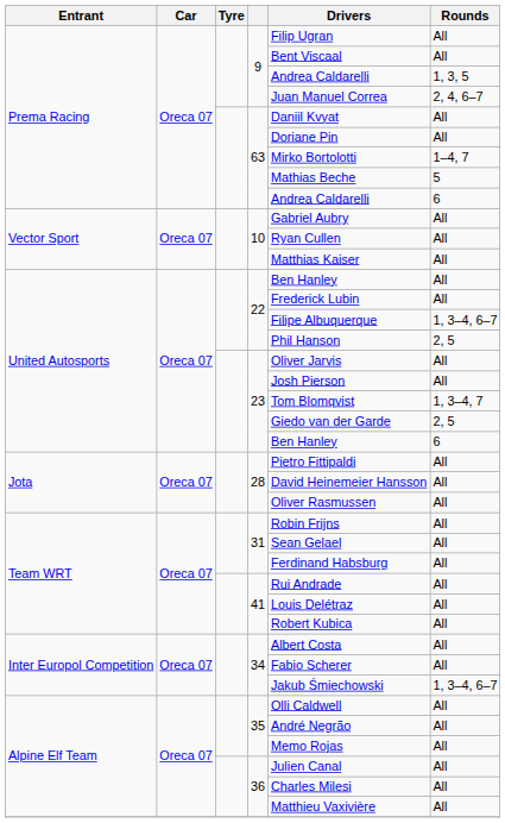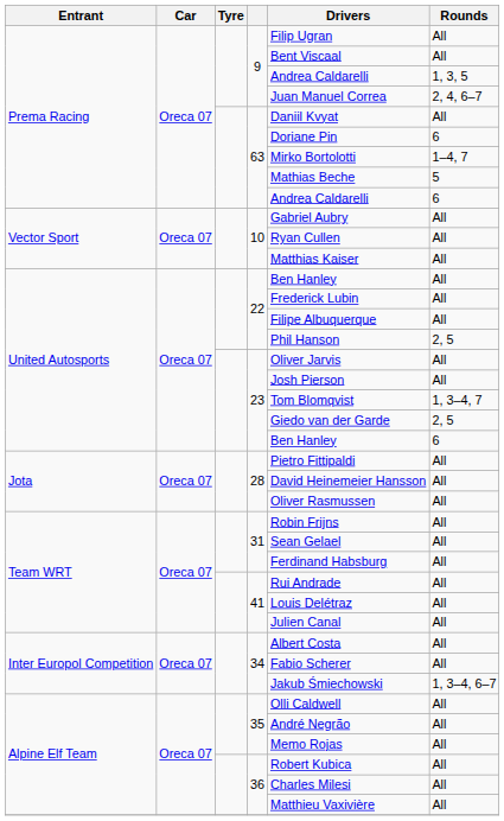 <table class="wikitable" style="font-size: 90%">
 <tr>
 <th>Entrant</th>
 <th>Car</th>
 <th>Tyre</th>
 <th></th>
 <th>Drivers</th>
 <th>Rounds</th>
 </tr>
 <tr>
 <td rowspan="9"> <a href='#'>Prema Racing</a></td>
 <td rowspan="9"><a href='#'>Oreca 07</a></td>
 <td rowspan="4" align="center"></td>
 <td rowspan="4" align="center">9</td>
 <td> <a href='#'>Filip Ugran</a></td>
 <td>All</td>
 </tr>
 <tr>
 <td> <a href='#'>Bent Viscaal</a></td>
 <td>All</td>
 </tr>
 <tr>
 <td> <a href='#'>Andrea Caldarelli</a></td>
 <td>1, 3, 5</td>
 </tr>
 <tr>
 <td> <a href='#'>Juan Manuel Correa</a></td>
 <td>2, 4, 6–7</td>
 </tr>
 <tr>
 <td rowspan="5" align="center"></td>
 <td rowspan="5" align="center">63</td>
 <td> <a href='#'>Daniil Kvyat</a></td>
 <td>All</td>
 </tr>
 <tr>
 <td> <a href='#'>Doriane Pin</a></td>
-<td>All</td>
+<td>6</td>
 </tr>
 <tr>
 <td> <a href='#'>Mirko Bortolotti</a></td>
 <td>1–4, 7</td>
 </tr>
 <tr>
 <td> <a href='#'>Mathias Beche</a></td>
 <td>5</td>
 </tr>
 <tr>
 <td> <a href='#'>Andrea Caldarelli</a></td>
 <td>6</td>
 </tr>
 <tr>
 <td rowspan="3"> <a href='#'>Vector Sport</a></td>
 <td rowspan="3"><a href='#'>Oreca 07</a></td>
 <td rowspan="3" align="center"></td>
 <td rowspan="3" align="center">10</td>
 <td> <a href='#'>Gabriel Aubry</a></td>
 <td>All</td>
 </tr>
 <tr>
 <td> <a href='#'>Ryan Cullen</a></td>
 <td>All</td>
 </tr>
 <tr>
 <td> <a href='#'>Matthias Kaiser</a></td>
 <td>All</td>
 </tr>
 <tr>
 <td rowspan="9"> <a href='#'>United Autosports</a></td>
 <td rowspan="9"><a href='#'>Oreca 07</a></td>
 <td rowspan="4" align="center"></td>
 <td rowspan="4" align="center">22</td>
 <td> <a href='#'>Ben Hanley</a></td>
 <td>All</td>
 </tr>
 <tr>
 <td> <a href='#'>Frederick Lubin</a></td>
 <td>All</td>
 </tr>
 <tr>
 <td> <a href='#'>Filipe Albuquerque</a></td>
-<td>1, 3–4, 6–7</td>
+<td>All</td>
 </tr>
 <tr>
 <td> <a href='#'>Phil Hanson</a></td>
 <td>2, 5</td>
 </tr>
 <tr>
 <td rowspan="5" align="center"></td>
 <td rowspan="5" align="center">23</td>
 <td> <a href='#'>Oliver Jarvis</a></td>
 <td>All</td>
 </tr>
 <tr>
 <td> <a href='#'>Josh Pierson</a></td>
 <td>All</td>
 </tr>
 <tr>
 <td> <a href='#'>Tom Blomqvist</a></td>
 <td>1, 3–4, 7</td>
 </tr>
 <tr>
 <td> <a href='#'>Giedo van der Garde</a></td>
 <td>2, 5</td>
 </tr>
 <tr>
 <td> <a href='#'>Ben Hanley</a></td>
 <td>6</td>
 </tr>
 <tr>
 <td rowspan="3"> <a href='#'>Jota</a></td>
 <td rowspan="3"><a href='#'>Oreca 07</a></td>
 <td rowspan="3" align="center"></td>
 <td rowspan="3" align="center">28</td>
 <td> <a href='#'>Pietro Fittipaldi</a></td>
 <td>All</td>
 </tr>
 <tr>
 <td> <a href='#'>David Heinemeier Hansson</a></td>
 <td>All</td>
 </tr>
 <tr>
 <td> <a href='#'>Oliver Rasmussen</a></td>
 <td>All</td>
 </tr>
 <tr>
 <td rowspan="6"> <a href='#'>Team WRT</a></td>
 <td rowspan="6"><a href='#'>Oreca 07</a></td>
 <td rowspan="3" align="center"></td>
 <td rowspan="3" align="center">31</td>
 <td> <a href='#'>Robin Frijns</a></td>
 <td>All</td>
 </tr>
 <tr>
 <td> <a href='#'>Sean Gelael</a></td>
 <td>All</td>
 </tr>
 <tr>
 <td> <a href='#'>Ferdinand Habsburg</a></td>
 <td>All</td>
 </tr>
 <tr>
 <td rowspan="3" align="center"></td>
 <td rowspan="3" align="center">41</td>
 <td> <a href='#'>Rui Andrade</a></td>
 <td>All</td>
 </tr>
 <tr>
 <td> <a href='#'>Louis Delétraz</a></td>
 <td>All</td>
 </tr>
 <tr>
-<td> <a href='#'>Robert Kubica</a></td>
+<td> <a href='#'>Julien Canal</a></td>
 <td>All</td>
 </tr>
 <tr>
 <td rowspan="3"> <a href='#'>Inter Europol Competition</a></td>
 <td rowspan="3"><a href='#'>Oreca 07</a></td>
 <td rowspan="3" align="center"></td>
 <td rowspan="3" align="center">34</td>
 <td> <a href='#'>Albert Costa</a></td>
 <td>All</td>
 </tr>
 <tr>
 <td> <a href='#'>Fabio Scherer</a></td>
 <td>All</td>
 </tr>
 <tr>
 <td> <a href='#'>Jakub Śmiechowski</a></td>
 <td>1, 3–4, 6–7</td>
 </tr>
 <tr>
 <td rowspan="6"> <a href='#'>Alpine Elf Team</a></td>
 <td rowspan="6"><a href='#'>Oreca 07</a></td>
 <td rowspan="3" align="center"></td>
 <td rowspan="3" align="center">35</td>
 <td> <a href='#'>Olli Caldwell</a></td>
 <td>All</td>
 </tr>
 <tr>
 <td> <a href='#'>André Negrão</a></td>
 <td>All</td>
 </tr>
 <tr>
 <td> <a href='#'>Memo Rojas</a></td>
 <td>All</td>
 </tr>
 <tr>
 <td rowspan="3" align="center"></td>
 <td rowspan="3" align="center">36</td>
-<td> <a href='#'>Julien Canal</a></td>
+<td> <a href='#'>Robert Kubica</a></td>
 <td>All</td>
 </tr>
 <tr>
 <td> <a href='#'>Charles Milesi</a></td>
 <td>All</td>
 </tr>
 <tr>
 <td> <a href='#'>Matthieu Vaxivière</a></td>
 <td>All</td>
 </tr>
 <tr>
 </tr>
 </table>
